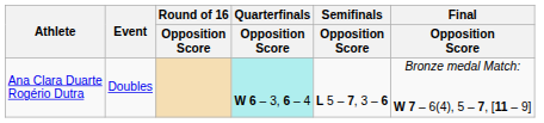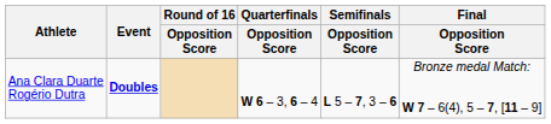 <table class="wikitable" style="font-size:90%">
 <tr>
 <th rowspan=2>Athlete</th>
 <th rowspan=2>Event</th>
 <th>Round of 16</th>
 <th>Quarterfinals</th>
 <th>Semifinals</th>
 <th colspan=2>Final</th>
 </tr>
 <tr>
 <th>Opposition<br>Score</th>
 <th>Opposition<br>Score</th>
 <th>Opposition<br>Score</th>
 <th>Opposition<br>Score</th>
 </tr>
 <tr>
 <td><a href='#'>Ana Clara Duarte</a><br><a href='#'>Rogério Dutra</a></td>
-<td><a href='#'>Doubles</a></td>
+<td><strong><a href='#'>Doubles</a></strong></td>
 <td align=center bgcolor=wheat></td>
-<td align=center style="background: paleturquoise;"><br><br><strong>W</strong> <strong>6</strong> – 3, <strong>6</strong> – 4</td>
+<td align=center><br><br><strong>W</strong> <strong>6</strong> – 3, <strong>6</strong> – 4</td>
 <td align=center><br><br><strong>L</strong> 5 – <strong>7</strong>, 3 – <strong>6</strong></td>
 <td align=center><em>Bronze medal Match:</em><br><br><br><strong>W</strong> <strong>7</strong> – 6(4), 5 – <strong>7</strong>, [<strong>11</strong> – 9]<br></td>
 </tr>
 </table>
